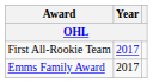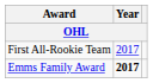 <table class="wikitable">
 <tr>
 <th>Award</th>
 <th>Year</th>
 <th></th>
 </tr>
 <tr>
 <th colspan="3"><a href='#'>OHL</a></th>
 </tr>
 <tr>
 <td>First All-Rookie Team</td>
 <td><a href='#'>2017</a></td>
 <td></td>
 </tr>
 <tr>
 <td><a href='#'>Emms Family Award</a></td>
-<td>2017</td>
+<td><strong>2017</strong></td>
 <td></td>
 </tr>
 </table>
